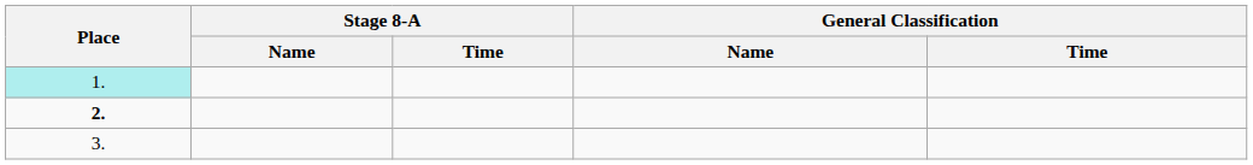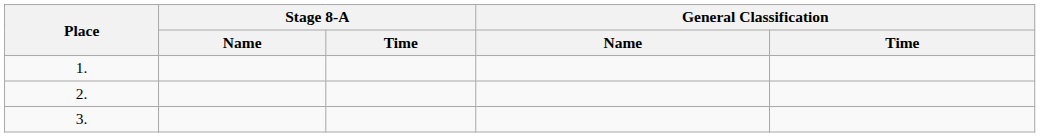 <table class=wikitable style="font-size:95%" width="80%">
 <tr>
 <th rowspan="2">Place</th>
 <th colspan="2">Stage 8-A</th>
 <th colspan="2">General Classification</th>
 </tr>
 <tr>
 <th>Name</th>
 <th>Time</th>
 <th>Name</th>
 <th>Time</th>
 </tr>
 <tr>
-<td align="center" style="background: paleturquoise;">1.</td>
+<td align="center">1.</td>
 <td></td>
 <td></td>
 <td></td>
 <td></td>
 </tr>
 <tr>
-<td align="center"><strong>2.</strong></td>
+<td align="center">2.</td>
 <td></td>
 <td></td>
 <td></td>
 <td></td>
 </tr>
 <tr>
 <td align="center">3.</td>
 <td></td>
 <td></td>
 <td></td>
 <td></td>
 </tr>
 </table>
